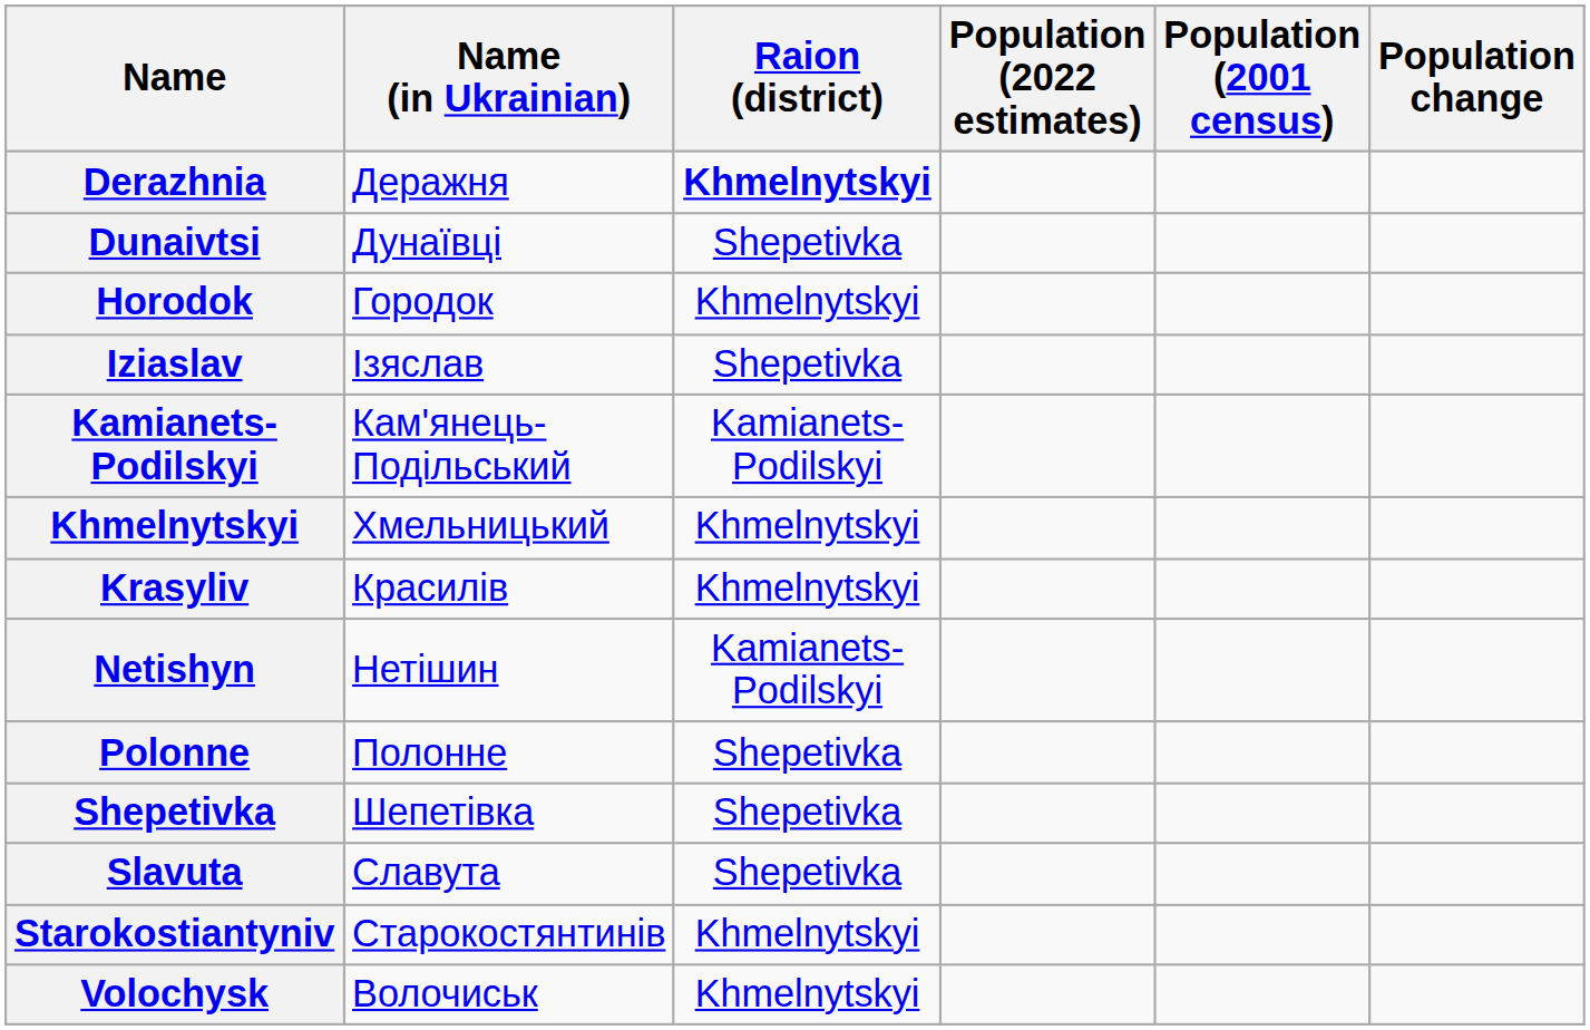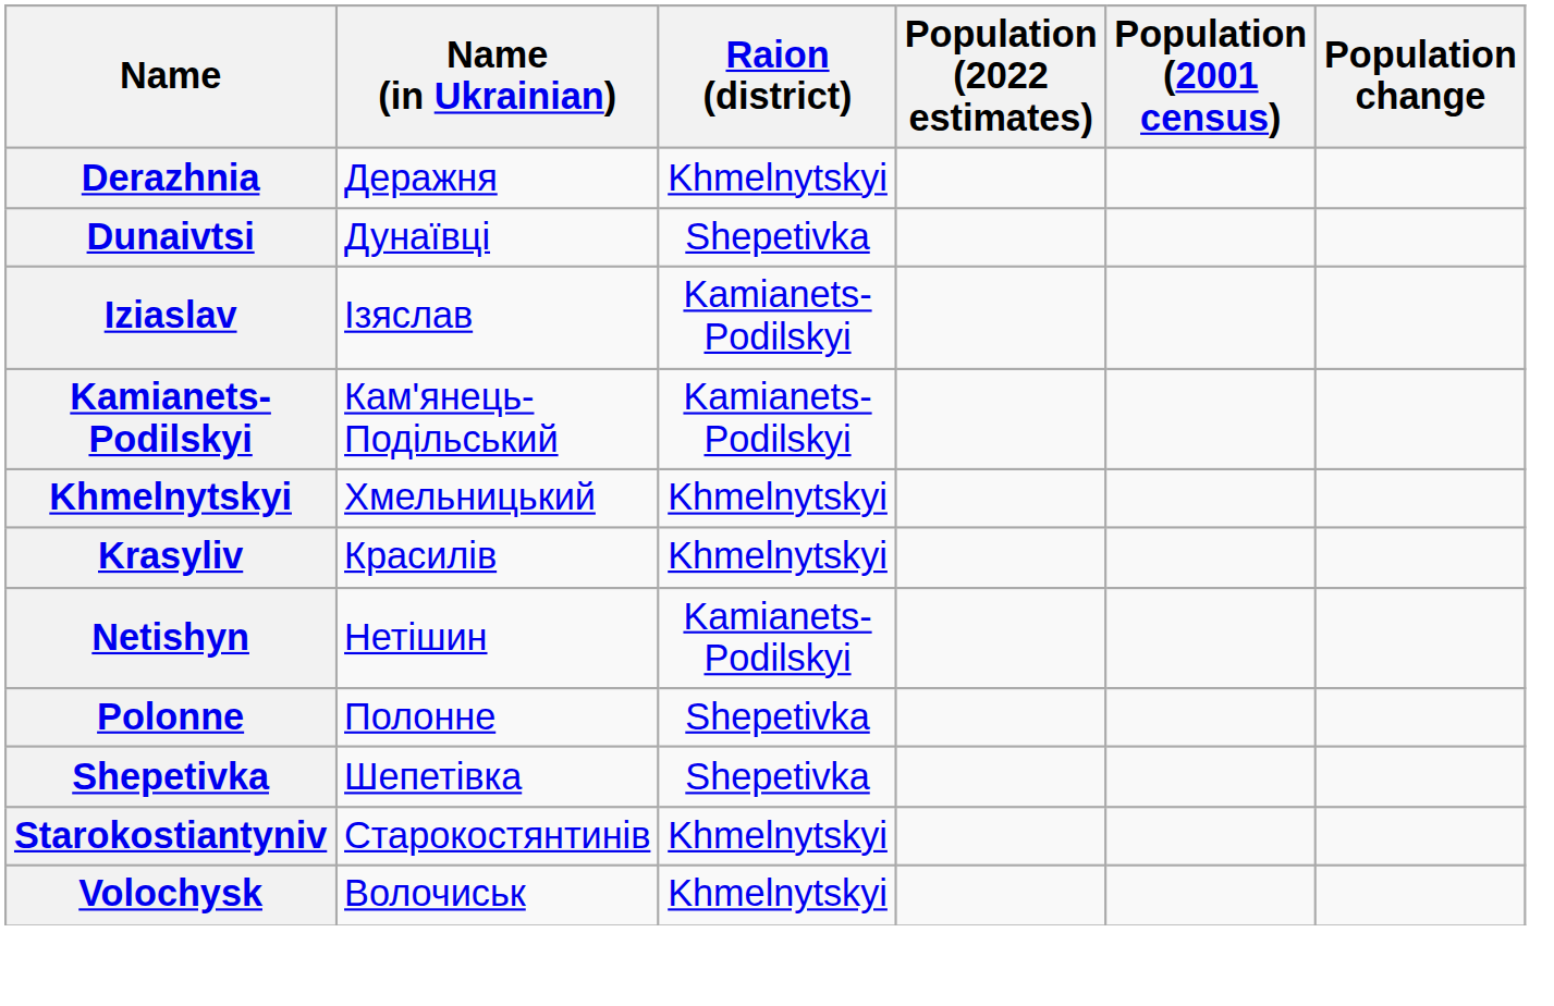 <table class="wikitable sortable" id="Table of cities" caption="Tabulated list of cities in ">
 <tr>
 <th scope="col">Name</th>
 <th scope="col">Name<br>(in <a href='#'>Ukrainian</a>)</th>
 <th scope="col"><a href='#'>Raion</a> (district)</th>
 <th scope="col">Population<br>(2022 estimates)</th>
 <th scope="col">Population<br>(<a href='#'>2001 census</a>)</th>
 <th scope="col">Population<br>change</th>
 </tr>
 <tr>
 <th scope="row" align="left"><a href='#'>Derazhnia</a></th>
 <td><a href='#'>Деражня</a></td>
-<td align=center><strong><a href='#'>Khmelnytskyi</a></strong></td>
+<td align=center><a href='#'>Khmelnytskyi</a></td>
 <td align=right></td>
 <td align=right></td>
 <td align=right></td>
 </tr>
 <tr>
 <th scope="row" align="left"><a href='#'>Dunaivtsi</a></th>
 <td><a href='#'>Дунаївці</a></td>
 <td align=center><a href='#'>Shepetivka</a></td>
 <td align=right></td>
 <td align=right></td>
 <td align=right></td>
 </tr>
 <tr>
-<th scope="row" align="left"><a href='#'>Horodok</a></th>
-<td><a href='#'>Городок</a></td>
-<td align=center><a href='#'>Khmelnytskyi</a></td>
-<td align=right></td>
-<td align=right></td>
-<td align=right></td>
-</tr>
-<tr>
 <th scope="row" align="left"><a href='#'>Iziaslav</a></th>
 <td><a href='#'>Ізяслав</a></td>
-<td align=center><a href='#'>Shepetivka</a></td>
+<td align=center><a href='#'>Kamianets-Podilskyi</a></td>
 <td align=right></td>
 <td align=right></td>
 <td align=right></td>
 </tr>
 <tr>
 <th scope="row" align="left"><a href='#'>Kamianets-Podilskyi</a></th>
 <td><a href='#'>Кам'янець-Подільський</a></td>
 <td align=center><a href='#'>Kamianets-Podilskyi</a></td>
 <td align=right></td>
 <td align=right></td>
 <td align=right></td>
 </tr>
 <tr>
 <th scope="row" align="left"><a href='#'>Khmelnytskyi</a></th>
 <td><a href='#'>Хмельницький</a></td>
 <td align=center><a href='#'>Khmelnytskyi</a></td>
 <td align=right></td>
 <td align=right></td>
 <td align=right></td>
 </tr>
 <tr>
 <th scope="row" align="left"><a href='#'>Krasyliv</a></th>
 <td><a href='#'>Красилів</a></td>
 <td align=center><a href='#'>Khmelnytskyi</a></td>
 <td align=right></td>
 <td align=right></td>
 <td align=right></td>
 </tr>
 <tr>
 <th scope="row" align="left"><a href='#'>Netishyn</a></th>
 <td><a href='#'>Нетішин</a></td>
 <td align=center><a href='#'>Kamianets-Podilskyi</a></td>
 <td align=right></td>
 <td align=right></td>
 <td align=right></td>
 </tr>
 <tr>
 <th scope="row" align="left"><a href='#'>Polonne</a></th>
 <td><a href='#'>Полонне</a></td>
 <td align=center><a href='#'>Shepetivka</a></td>
 <td align=right></td>
 <td align=right></td>
 <td align=right></td>
 </tr>
 <tr>
 <th scope="row" align="left"><a href='#'>Shepetivka</a></th>
 <td><a href='#'>Шепетівка</a></td>
 <td align=center><a href='#'>Shepetivka</a></td>
 <td align=right></td>
 <td align=right></td>
 <td align=right></td>
 </tr>
 <tr>
-<th scope="row" align="left"><a href='#'>Slavuta</a></th>
-<td><a href='#'>Славута</a></td>
-<td align=center><a href='#'>Shepetivka</a></td>
-<td align=right></td>
-<td align=right></td>
-<td align=right></td>
-</tr>
-<tr>
 <th scope="row" align="left"><a href='#'>Starokostiantyniv</a></th>
 <td><a href='#'>Старокостянтинів</a></td>
 <td align=center><a href='#'>Khmelnytskyi</a></td>
 <td align=right></td>
 <td align=right></td>
 <td align=right></td>
 </tr>
 <tr>
 <th scope="row" align="left"><a href='#'>Volochysk</a></th>
 <td><a href='#'>Волочиськ</a></td>
 <td align=center><a href='#'>Khmelnytskyi</a></td>
 <td align=right></td>
 <td align=right></td>
 <td align=right></td>
 </tr>
 </table>
